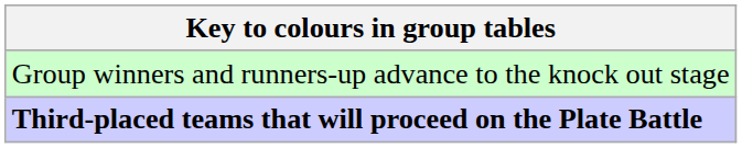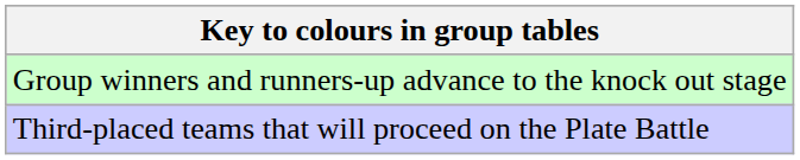 <table class="wikitable">
 <tr>
 <th>Key to colours in group tables</th>
 </tr>
 <tr bgcolor=#ccffcc>
 <td>Group winners and runners-up advance to the knock out stage</td>
 </tr>
 <tr bgcolor=#ccccff>
-<td><strong>Third-placed teams that will proceed on the Plate Battle</strong></td>
+<td>Third-placed teams that will proceed on the Plate Battle</td>
 </tr>
 </table>
